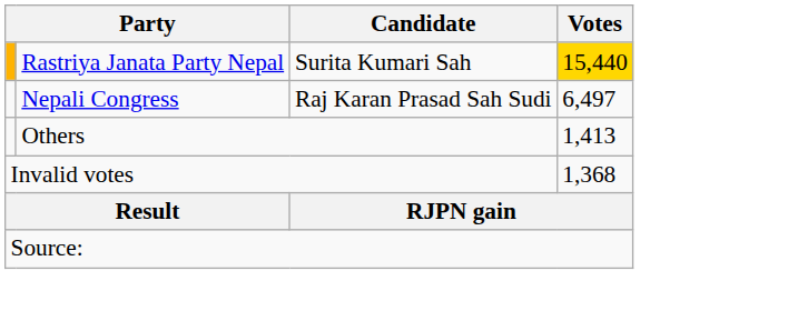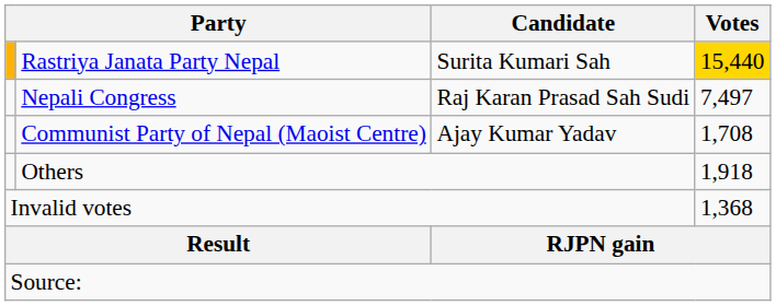 <table class="wikitable">
 <tr>
 <th colspan="2">Party</th>
 <th>Candidate</th>
 <th>Votes</th>
 </tr>
 <tr>
 <td style="background-color:#ffb300"></td>
 <td><a href='#'>Rastriya Janata Party Nepal</a></td>
 <td>Surita Kumari Sah</td>
 <td style="background: gold;">15,440</td>
 </tr>
 <tr>
 <td style="background-color:"></td>
 <td><a href='#'>Nepali Congress</a></td>
 <td>Raj Karan Prasad Sah Sudi</td>
-<td>6,497</td>
+<td>7,497</td>
+</tr>
+<tr>
+<td style="background-color:"></td>
+<td><a href='#'>Communist Party of Nepal (Maoist Centre)</a></td>
+<td>Ajay Kumar Yadav</td>
+<td>1,708</td>
 </tr>
 <tr>
 <td></td>
 <td colspan="2">Others</td>
-<td>1,413</td>
+<td>1,918</td>
 </tr>
 <tr>
 <td colspan="3">Invalid votes</td>
 <td>1,368</td>
 </tr>
 <tr>
 <th colspan="2">Result</th>
 <th colspan="2">RJPN gain</th>
 </tr>
 <tr>
 <td colspan="4">Source: </td>
 </tr>
 </table>
